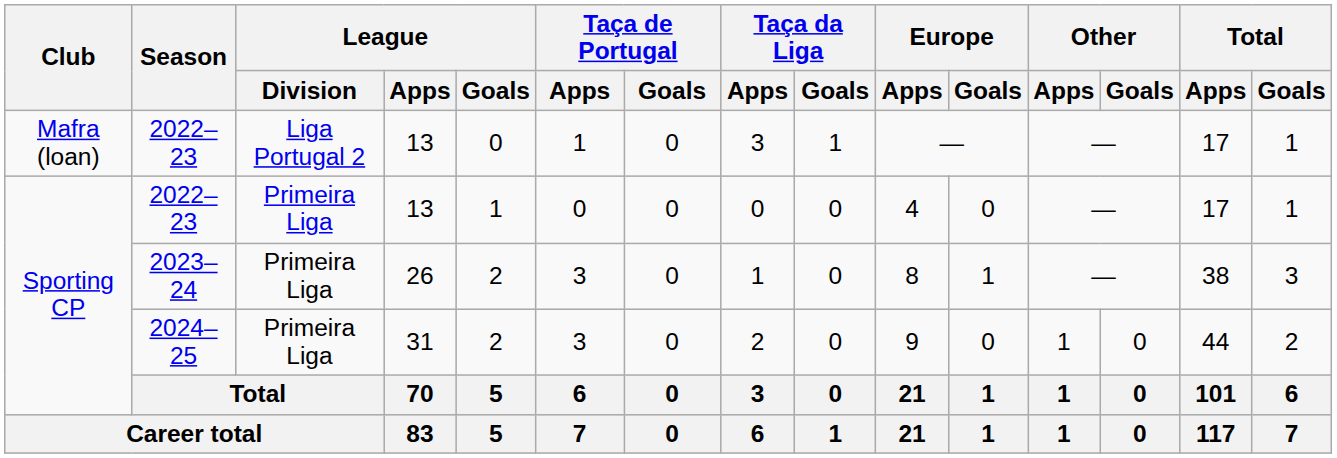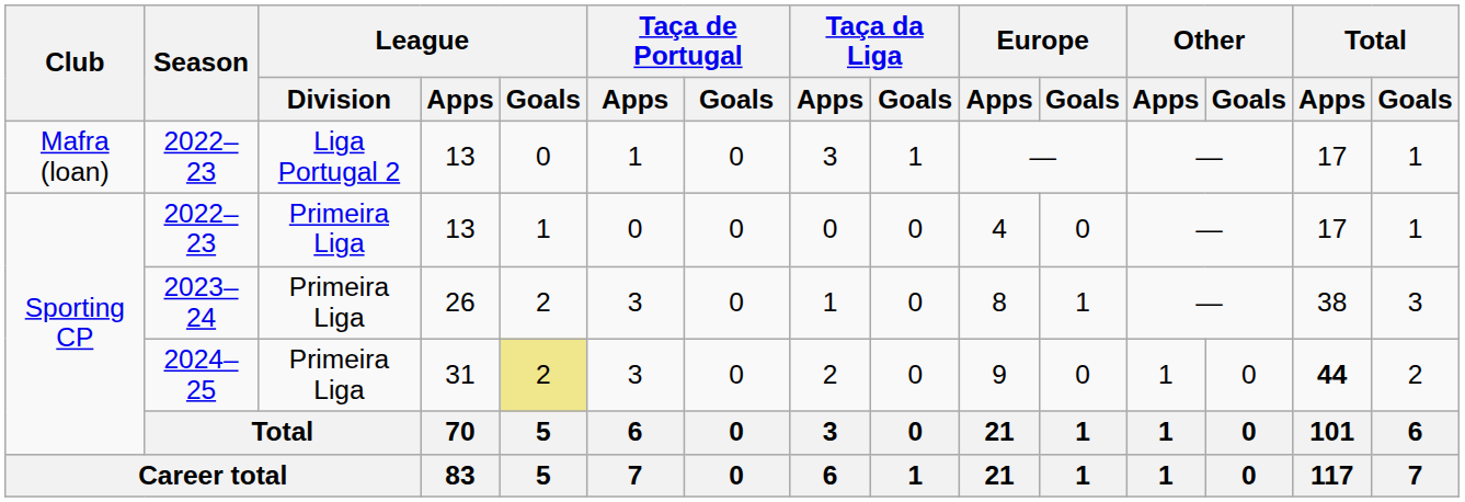 <table class="wikitable" style="text-align: center;">
 <tr>
 <th rowspan="2">Club</th>
 <th rowspan="2">Season</th>
 <th colspan="3">League</th>
 <th colspan="2"><a href='#'>Taça de Portugal</a></th>
 <th colspan="2"><a href='#'>Taça da Liga</a></th>
 <th colspan="2">Europe</th>
 <th colspan="2">Other</th>
 <th colspan="2">Total</th>
 </tr>
 <tr>
 <th>Division</th>
 <th>Apps</th>
 <th>Goals</th>
 <th>Apps</th>
 <th>Goals</th>
 <th>Apps</th>
 <th>Goals</th>
 <th>Apps</th>
 <th>Goals</th>
 <th>Apps</th>
 <th>Goals</th>
 <th>Apps</th>
 <th>Goals</th>
 </tr>
 <tr>
 <td><a href='#'>Mafra</a> (loan)</td>
 <td><a href='#'>2022–23</a></td>
 <td><a href='#'>Liga Portugal 2</a></td>
 <td>13</td>
 <td>0</td>
 <td>1</td>
 <td>0</td>
 <td>3</td>
 <td>1</td>
 <td colspan="2">—</td>
 <td colspan="2">—</td>
 <td>17</td>
 <td>1</td>
 </tr>
 <tr>
 <td rowspan="4"><a href='#'>Sporting CP</a></td>
 <td><a href='#'>2022–23</a></td>
 <td><a href='#'>Primeira Liga</a></td>
 <td>13</td>
 <td>1</td>
 <td>0</td>
 <td>0</td>
 <td>0</td>
 <td>0</td>
 <td>4</td>
 <td>0</td>
 <td colspan="2">—</td>
 <td>17</td>
 <td>1</td>
 </tr>
 <tr>
 <td><a href='#'>2023–24</a></td>
 <td>Primeira Liga</td>
 <td>26</td>
 <td>2</td>
 <td>3</td>
 <td>0</td>
 <td>1</td>
 <td>0</td>
 <td>8</td>
 <td>1</td>
 <td colspan="2">—</td>
 <td>38</td>
 <td>3</td>
 </tr>
 <tr>
 <td><a href='#'>2024–25</a></td>
 <td>Primeira Liga</td>
 <td>31</td>
-<td>2</td>
+<td style="background: khaki;">2</td>
 <td>3</td>
 <td>0</td>
 <td>2</td>
 <td>0</td>
 <td>9</td>
 <td>0</td>
 <td>1</td>
 <td>0</td>
-<td>44</td>
+<td><strong>44</strong></td>
 <td>2</td>
 </tr>
 <tr>
 <th colspan="2">Total</th>
 <th>70</th>
 <th>5</th>
 <th>6</th>
 <th>0</th>
 <th>3</th>
 <th>0</th>
 <th>21</th>
 <th>1</th>
 <th>1</th>
 <th>0</th>
 <th>101</th>
 <th>6</th>
 </tr>
 <tr>
 <th colspan="3">Career total</th>
 <th>83</th>
 <th>5</th>
 <th>7</th>
 <th>0</th>
 <th>6</th>
 <th>1</th>
 <th>21</th>
 <th>1</th>
 <th>1</th>
 <th>0</th>
 <th>117</th>
 <th>7</th>
 </tr>
 </table>
